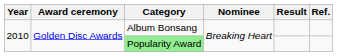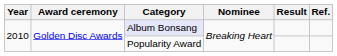 <table class="wikitable">
 <tr>
 <th>Year</th>
 <th>Award ceremony</th>
 <th>Category</th>
 <th>Nominee</th>
 <th>Result</th>
 <th>Ref.</th>
 </tr>
 <tr>
 <td rowspan="2">2010</td>
 <td rowspan="2"><a href='#'>Golden Disc Awards</a></td>
-<td>Album Bonsang</td>
+<td style="background: lavender;">Album Bonsang</td>
 <td rowspan="2"><em>Breaking Heart</em></td>
 <td></td>
 <td align="center"></td>
 </tr>
 <tr>
-<td style="background: lightgreen;">Popularity Award</td>
+<td>Popularity Award</td>
 <td></td>
 <td align="center"></td>
 </tr>
 </table>
